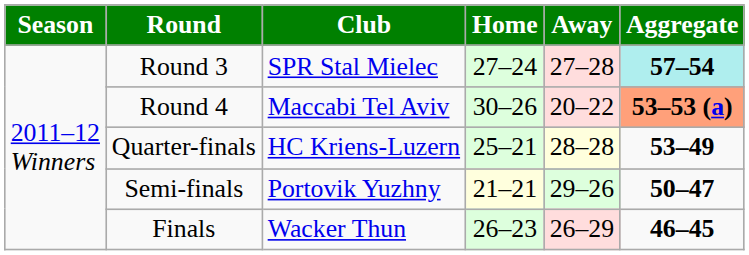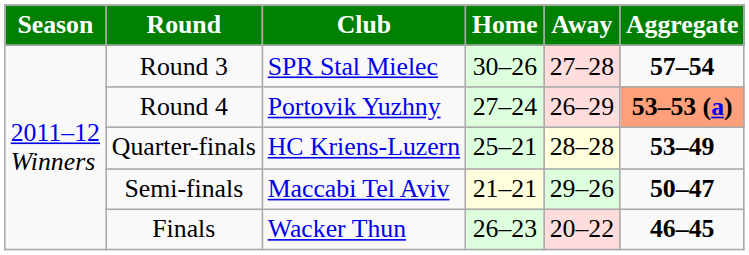 <table class="wikitable">
 <tr>
 <th style="color:#FFFFFF; background:#008000">Season</th>
 <th style="color:#FFFFFF; background:#008000">Round</th>
 <th style="color:#FFFFFF; background:#008000">Club</th>
 <th style="color:#FFFFFF; background:#008000">Home</th>
 <th style="color:#FFFFFF; background:#008000">Away</th>
 <th style="color:#FFFFFF; background:#008000">Aggregate</th>
 </tr>
 <tr>
 <td rowspan=5><a href='#'>2011–12</a><br> <em>Winners</em></td>
 <td align=center>Round 3</td>
 <td> <a href='#'>SPR Stal Mielec</a></td>
-<td style="text-align:center; background:#dfd;">27–24</td>
+<td style="text-align:center; background:#dfd;">30–26</td>
 <td style="text-align:center; background:#fdd;">27–28</td>
-<td style="background: paleturquoise; text-align:center;"><strong>57–54</strong></td>
+<td style="text-align:center;"><strong>57–54</strong></td>
 </tr>
 <tr>
 <td align=center>Round 4</td>
-<td> <a href='#'>Maccabi Tel Aviv</a></td>
-<td style="text-align:center; background:#dfd;">30–26</td>
-<td style="text-align:center; background:#fdd;">20–22</td>
+<td> <a href='#'>Portovik Yuzhny</a></td>
+<td style="text-align:center; background:#dfd;">27–24</td>
+<td style="text-align:center; background:#fdd;">26–29</td>
 <td style="background: lightsalmon; text-align:center;"><strong>53–53 (<a href='#'>a</a>)</strong></td>
 </tr>
 <tr>
 <td align=center>Quarter-finals</td>
 <td> <a href='#'>HC Kriens-Luzern</a></td>
 <td style="text-align:center; background:#dfd;">25–21</td>
 <td style="text-align:center; background:#ffd;">28–28</td>
 <td style="text-align:center;"><strong>53–49</strong></td>
 </tr>
 <tr>
 <td align=center>Semi-finals</td>
-<td> <a href='#'>Portovik Yuzhny</a></td>
+<td> <a href='#'>Maccabi Tel Aviv</a></td>
 <td style="text-align:center; background:#ffd;">21–21</td>
 <td style="text-align:center; background:#dfd;">29–26</td>
 <td style="text-align:center;"><strong>50–47</strong></td>
 </tr>
 <tr>
 <td align=center>Finals</td>
 <td> <a href='#'>Wacker Thun</a></td>
 <td style="text-align:center; background:#dfd;">26–23</td>
-<td style="text-align:center; background:#fdd;">26–29</td>
+<td style="text-align:center; background:#fdd;">20–22</td>
 <td style="text-align:center;"><strong>46–45</strong></td>
 </tr>
 </table>
